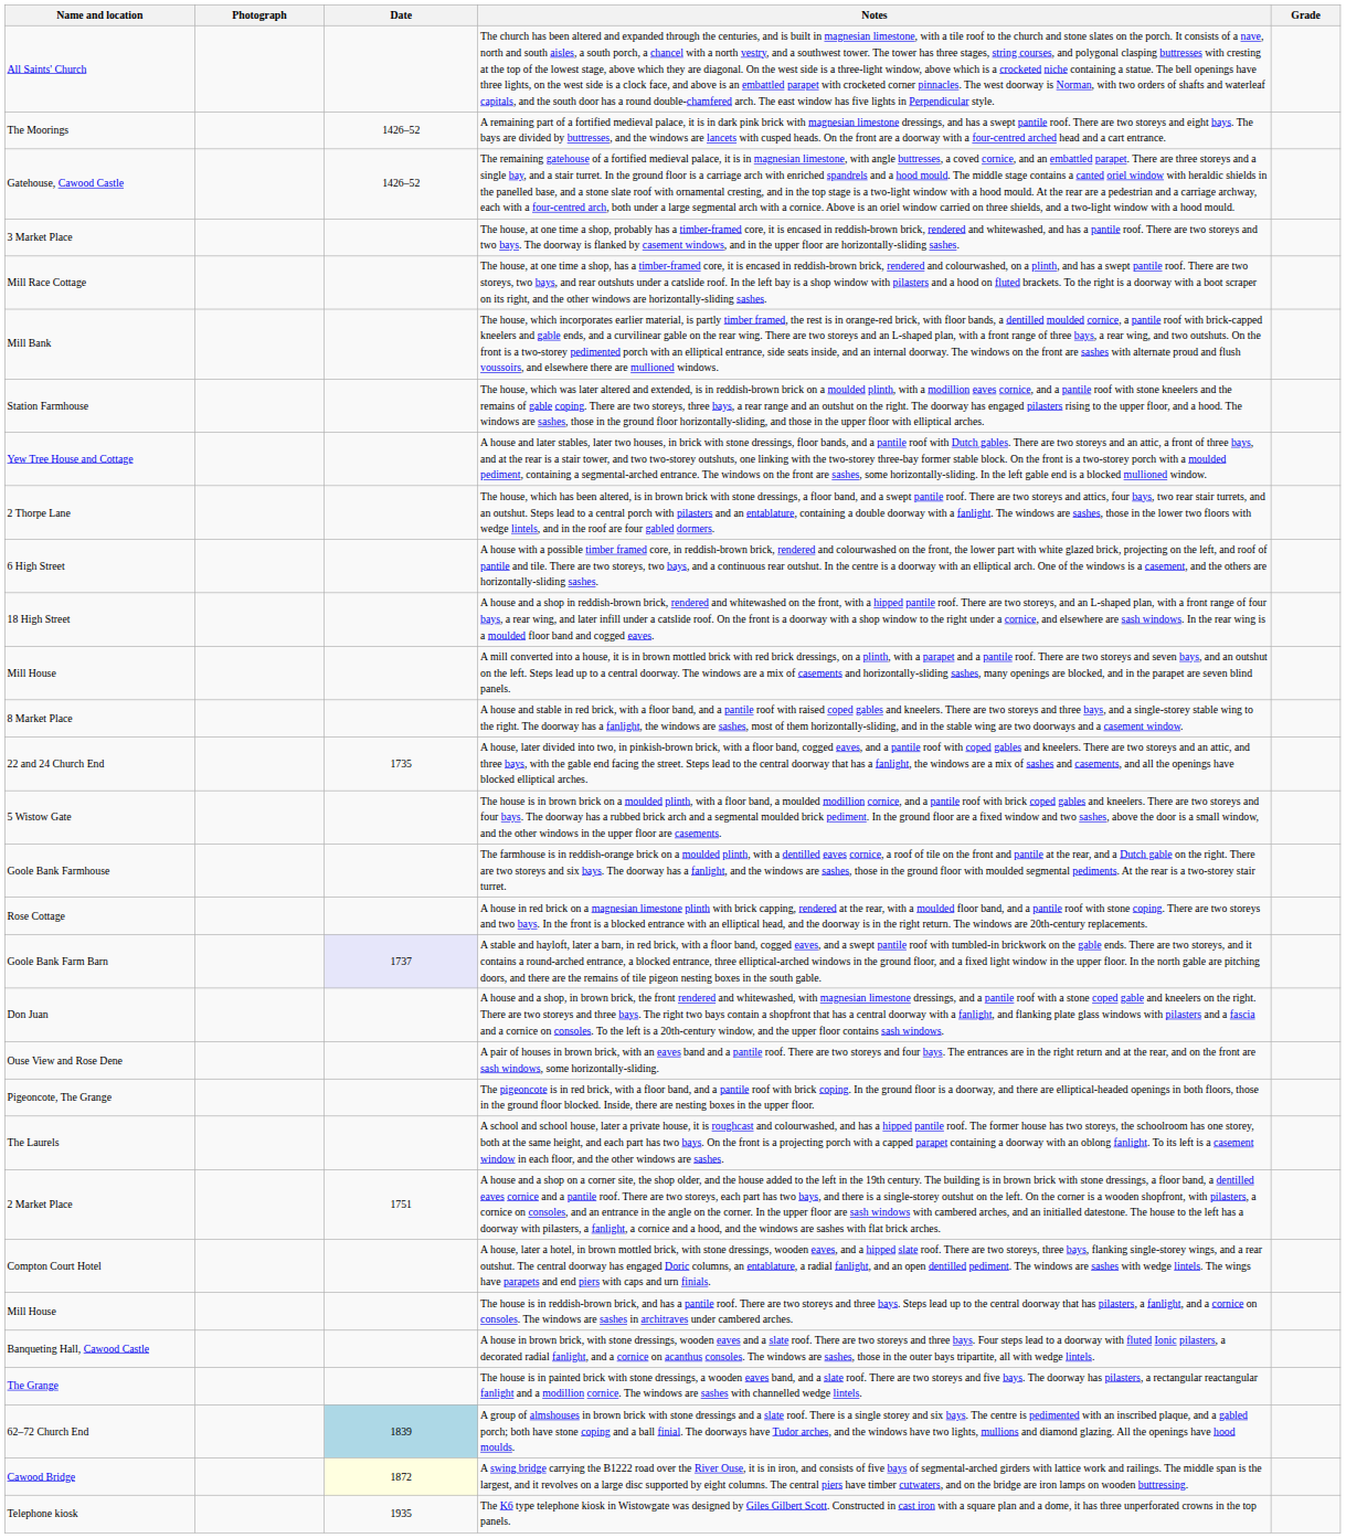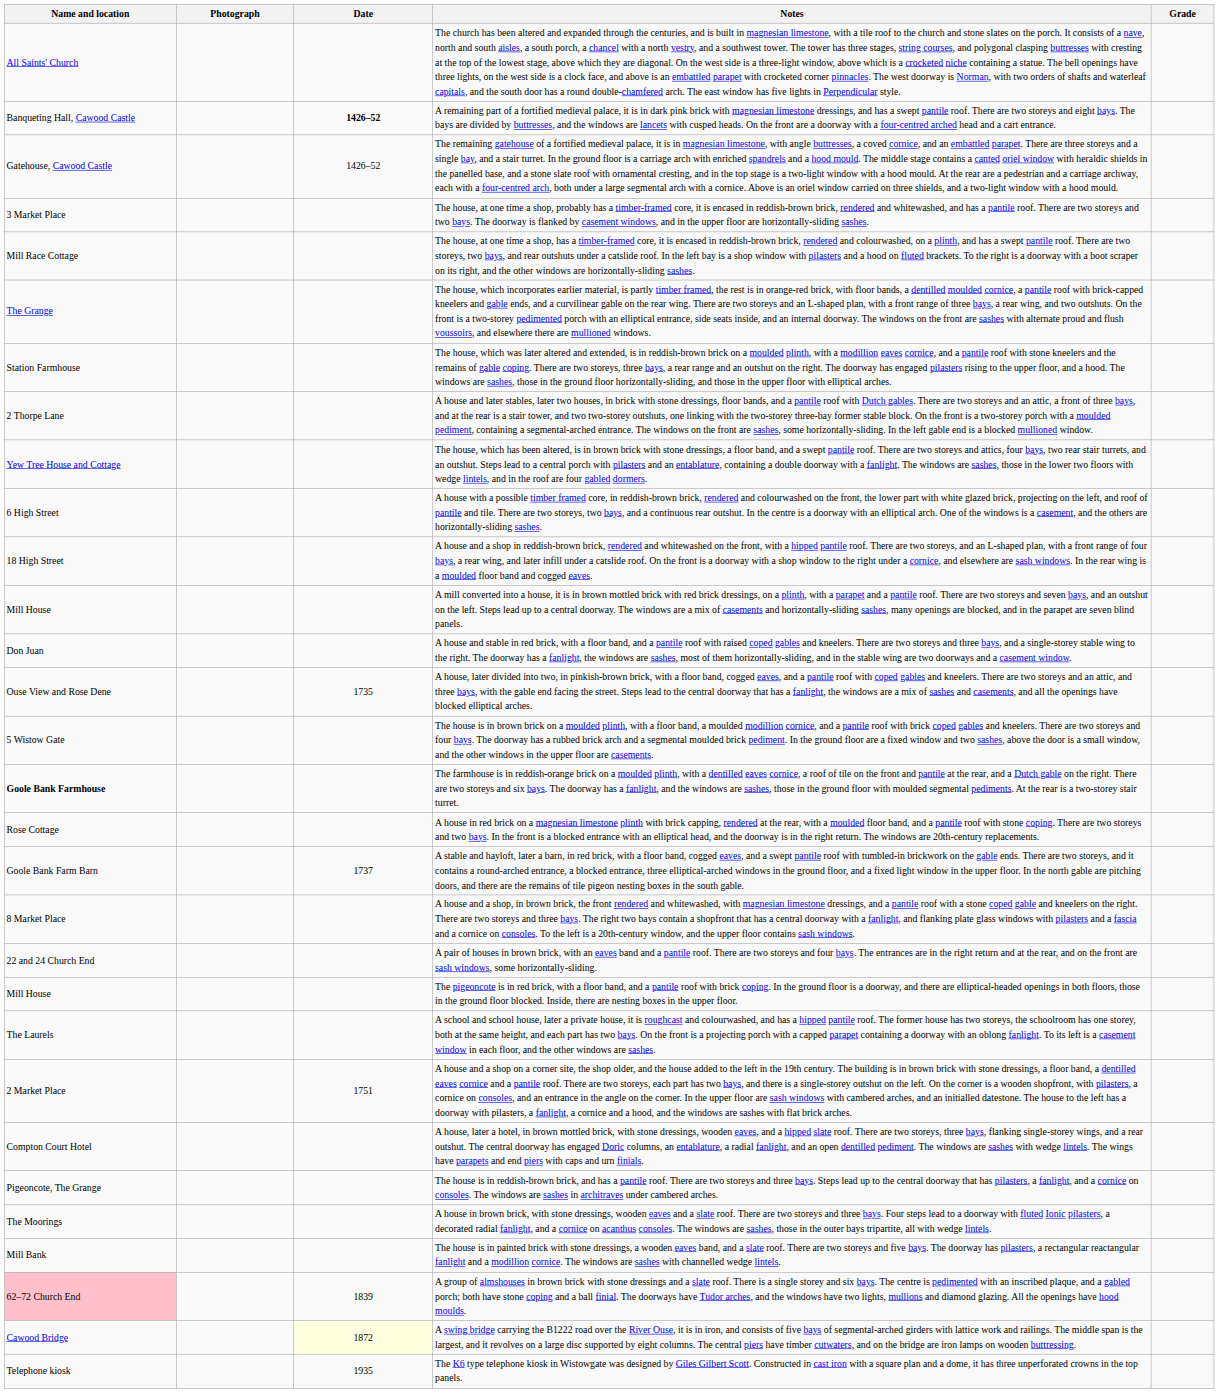 <table class="wikitable sortable plainrowheaders" style="width:100%; border:0px; text-align:left; line-height:150%">
 <tr>
 <th scope="col"  style="width:150px">Name and location</th>
 <th scope="col"  style="width:100px" class="unsortable">Photograph</th>
 <th scope="col"  style="width:120px">Date</th>
 <th scope="col"  style="width:650px" class="unsortable">Notes</th>
 <th scope="col"  style="width:50px">Grade</th>
 </tr>
 <tr>
 <td><a href='#'>All Saints' Church</a><br><small></small></td>
 <td></td>
 <td align="center"></td>
 <td>The church has been altered and expanded through the centuries, and is built in <a href='#'>magnesian limestone</a>, with a tile roof to the church and stone slates on the porch.  It consists of a <a href='#'>nave</a>, north and south <a href='#'>aisles</a>, a south porch, a <a href='#'>chancel</a> with a north <a href='#'>vestry</a>, and a southwest tower.  The tower has three stages, <a href='#'>string courses</a>, and polygonal clasping <a href='#'>buttresses</a> with cresting at the top of the lowest stage, above which they are diagonal.  On the west side is a three-light window, above which is a <a href='#'>crocketed</a> <a href='#'>niche</a> containing a statue.  The bell openings have three lights, on the west side is a clock face, and above is an <a href='#'>embattled</a> <a href='#'>parapet</a> with crocketed corner <a href='#'>pinnacles</a>.  The west doorway is <a href='#'>Norman</a>, with two orders of shafts and waterleaf <a href='#'>capitals</a>, and the south door has a round double-<a href='#'>chamfered</a> arch.  The east window has five lights in <a href='#'>Perpendicular</a> style.</td>
 <td align="center" ></td>
 </tr>
 <tr>
-<td>The Moorings<br><small></small></td>
+<td>Banqueting Hall, <a href='#'>Cawood Castle</a><br><small></small></td>
 <td></td>
-<td align="center">1426–52</td>
+<td align="center"><strong>1426–52</strong></td>
 <td>A remaining part of a fortified medieval palace, it is in dark pink brick with <a href='#'>magnesian limestone</a> dressings, and has a swept <a href='#'>pantile</a> roof.  There are two storeys and eight <a href='#'>bays</a>.  The bays are divided by <a href='#'>buttresses</a>, and the windows are <a href='#'>lancets</a> with cusped heads.  On the front are a doorway with a <a href='#'>four-centred arched</a> head and a cart entrance.</td>
 <td align="center" ></td>
 </tr>
 <tr>
 <td>Gatehouse, <a href='#'>Cawood Castle</a><br><small></small></td>
 <td></td>
 <td align="center">1426–52</td>
 <td>The remaining <a href='#'>gatehouse</a> of a fortified medieval palace, it is in <a href='#'>magnesian limestone</a>, with angle <a href='#'>buttresses</a>, a coved <a href='#'>cornice</a>, and an <a href='#'>embattled</a> <a href='#'>parapet</a>.  There are three storeys and a single <a href='#'>bay</a>, and a stair turret.  In the ground floor is a carriage arch with enriched <a href='#'>spandrels</a> and a <a href='#'>hood mould</a>.  The middle stage contains a <a href='#'>canted</a> <a href='#'>oriel window</a> with heraldic shields in the panelled base, and a stone slate roof with ornamental cresting, and in the top stage is a two-light window with a hood mould.  At the rear are a pedestrian and a carriage archway, each with a <a href='#'>four-centred arch</a>, both under a large segmental arch with a cornice.  Above is an oriel window carried on three shields, and a two-light window with a hood mould.</td>
 <td align="center" ></td>
 </tr>
 <tr>
 <td>3 Market Place<br><small></small></td>
 <td></td>
 <td align="center"></td>
 <td>The house, at one time a shop, probably has a <a href='#'>timber-framed</a> core, it is encased in reddish-brown brick, <a href='#'>rendered</a> and whitewashed, and has a <a href='#'>pantile</a> roof.  There are two storeys and two <a href='#'>bays</a>.  The doorway is flanked by <a href='#'>casement windows</a>, and in the upper floor are horizontally-sliding <a href='#'>sashes</a>.</td>
 <td align="center" ></td>
 </tr>
 <tr>
 <td>Mill Race Cottage<br><small></small></td>
 <td></td>
 <td align="center"></td>
 <td>The house, at one time a shop, has a <a href='#'>timber-framed</a> core, it is encased in reddish-brown brick, <a href='#'>rendered</a> and colourwashed, on a <a href='#'>plinth</a>, and has a swept <a href='#'>pantile</a> roof.  There are two storeys, two <a href='#'>bays</a>, and rear outshuts under a catslide roof.  In the left bay is a shop window with <a href='#'>pilasters</a> and a hood on <a href='#'>fluted</a> brackets.  To the right is a doorway with a boot scraper on its right, and the other windows are horizontally-sliding <a href='#'>sashes</a>.</td>
 <td align="center" ></td>
 </tr>
 <tr>
-<td>Mill Bank<br><small></small></td>
+<td><a href='#'>The Grange</a><br><small></small></td>
 <td></td>
 <td align="center"></td>
 <td>The house, which incorporates earlier material, is partly <a href='#'>timber framed</a>, the rest is in orange-red brick, with floor bands, a <a href='#'>dentilled</a> <a href='#'>moulded</a> <a href='#'>cornice</a>, a <a href='#'>pantile</a> roof with brick-capped kneelers and <a href='#'>gable</a> ends, and a curvilinear gable on the rear wing.  There are two storeys and an L-shaped plan, with a front range of three <a href='#'>bays</a>, a rear wing, and two outshuts.  On the front is a two-storey <a href='#'>pedimented</a> porch with an elliptical entrance, side seats inside, and an internal doorway.  The windows on the front are <a href='#'>sashes</a> with alternate proud and flush <a href='#'>voussoirs</a>, and elsewhere there are <a href='#'>mullioned</a> windows.</td>
 <td align="center" ></td>
 </tr>
 <tr>
 <td>Station Farmhouse<br><small></small></td>
 <td></td>
 <td align="center"></td>
 <td>The house, which was later altered and extended, is in reddish-brown brick on a <a href='#'>moulded</a> <a href='#'>plinth</a>, with a <a href='#'>modillion</a> <a href='#'>eaves</a> <a href='#'>cornice</a>, and a <a href='#'>pantile</a> roof with stone kneelers and the remains of <a href='#'>gable</a> <a href='#'>coping</a>.  There are two storeys, three <a href='#'>bays</a>, a rear range and an outshut on the right.  The doorway has engaged <a href='#'>pilasters</a> rising to the upper floor, and a hood.  The windows are <a href='#'>sashes</a>, those in the ground floor horizontally-sliding, and those in the upper floor with elliptical arches.</td>
 <td align="center" ></td>
 </tr>
 <tr>
-<td><a href='#'>Yew Tree House and Cottage</a><br><small></small></td>
+<td>2 Thorpe Lane<br><small></small></td>
 <td></td>
 <td align="center"></td>
 <td>A house and later stables, later two houses, in brick with stone dressings, floor bands, and a <a href='#'>pantile</a> roof with <a href='#'>Dutch gables</a>.  There are two storeys and an attic, a front of three <a href='#'>bays</a>, and at the rear is a stair tower, and two two-storey outshuts, one linking with the two-storey three-bay former stable block.  On the front is a two-storey porch with a <a href='#'>moulded</a> <a href='#'>pediment</a>, containing a segmental-arched entrance.  The windows on the front are <a href='#'>sashes</a>, some horizontally-sliding.  In the left gable end is a blocked <a href='#'>mullioned</a> window.</td>
 <td align="center" ></td>
 </tr>
 <tr>
-<td>2 Thorpe Lane<br><small></small></td>
+<td><a href='#'>Yew Tree House and Cottage</a><br><small></small></td>
 <td></td>
 <td align="center"></td>
 <td>The house, which has been altered, is in brown brick with stone dressings, a floor band, and a swept <a href='#'>pantile</a> roof.  There are two storeys and attics, four <a href='#'>bays</a>, two rear stair turrets, and an outshut.  Steps lead to a central porch with <a href='#'>pilasters</a> and an <a href='#'>entablature</a>, containing a double doorway with a <a href='#'>fanlight</a>.  The windows are <a href='#'>sashes</a>, those in the lower two floors with wedge <a href='#'>lintels</a>, and in the roof are four <a href='#'>gabled</a> <a href='#'>dormers</a>.</td>
 <td align="center" ></td>
 </tr>
 <tr>
 <td>6 High Street<br><small></small></td>
 <td></td>
 <td align="center"></td>
 <td>A house with a possible <a href='#'>timber framed</a> core, in reddish-brown brick, <a href='#'>rendered</a> and colourwashed on the front, the lower part with white glazed brick, projecting on the left, and roof of <a href='#'>pantile</a> and tile.  There are two storeys, two <a href='#'>bays</a>, and a continuous rear outshut.  In the centre is a doorway with an elliptical arch.  One of the windows is a <a href='#'>casement</a>, and the others are horizontally-sliding <a href='#'>sashes</a>.</td>
 <td align="center" ></td>
 </tr>
 <tr>
 <td>18 High Street<br><small></small></td>
 <td></td>
 <td align="center"></td>
 <td>A house and a shop in reddish-brown brick, <a href='#'>rendered</a> and whitewashed on the front, with a <a href='#'>hipped</a> <a href='#'>pantile</a> roof.  There are two storeys, and an L-shaped plan, with a front range of four <a href='#'>bays</a>, a rear wing, and later infill under a catslide roof.  On the front is a doorway with a shop window to the right under a <a href='#'>cornice</a>, and elsewhere are <a href='#'>sash windows</a>.  In the rear wing is a <a href='#'>moulded</a> floor band and cogged <a href='#'>eaves</a>.</td>
 <td align="center" ></td>
 </tr>
 <tr>
 <td>Mill House<br><small></small></td>
 <td></td>
 <td align="center"></td>
 <td>A mill converted into a house, it is in brown mottled brick with red brick dressings, on a <a href='#'>plinth</a>, with a <a href='#'>parapet</a> and a <a href='#'>pantile</a> roof.  There are two storeys and seven <a href='#'>bays</a>, and an outshut on the left.  Steps lead up to a central doorway. The windows are a mix of <a href='#'>casements</a> and horizontally-sliding <a href='#'>sashes</a>, many openings are blocked, and in the parapet are seven blind panels.</td>
 <td align="center" ></td>
 </tr>
 <tr>
-<td>8 Market Place<br><small></small></td>
+<td>Don Juan<br><small></small></td>
 <td></td>
 <td align="center"></td>
 <td>A house and stable in red brick, with a floor band, and a <a href='#'>pantile</a> roof with raised <a href='#'>coped</a> <a href='#'>gables</a> and kneelers.  There are two storeys and three <a href='#'>bays</a>, and a single-storey stable wing to the right. The doorway has a <a href='#'>fanlight</a>, the windows are <a href='#'>sashes</a>, most of them horizontally-sliding, and in the stable wing are two doorways and a <a href='#'>casement window</a>.</td>
 <td align="center" ></td>
 </tr>
 <tr>
-<td>22 and 24 Church End<br><small></small></td>
+<td>Ouse View and Rose Dene<br><small></small></td>
 <td></td>
 <td align="center">1735</td>
 <td>A house, later divided into two, in pinkish-brown brick, with a floor band, cogged <a href='#'>eaves</a>, and a <a href='#'>pantile</a> roof with <a href='#'>coped</a> <a href='#'>gables</a> and kneelers.  There are two storeys and an attic, and three <a href='#'>bays</a>, with the gable end facing the street.  Steps lead to the central doorway that has a <a href='#'>fanlight</a>, the windows are a mix of <a href='#'>sashes</a> and <a href='#'>casements</a>, and all the openings have blocked elliptical arches.</td>
 <td align="center" ></td>
 </tr>
 <tr>
 <td>5 Wistow Gate<br><small></small></td>
 <td></td>
 <td align="center"></td>
 <td>The house is in brown brick on a <a href='#'>moulded</a> <a href='#'>plinth</a>, with a floor band, a moulded <a href='#'>modillion</a> <a href='#'>cornice</a>, and a <a href='#'>pantile</a> roof with brick <a href='#'>coped</a> <a href='#'>gables</a> and kneelers.  There are two storeys and four <a href='#'>bays</a>.  The doorway has a rubbed brick arch and a segmental moulded brick <a href='#'>pediment</a>.  In the ground floor are a fixed window and two <a href='#'>sashes</a>, above the door is a small window, and the other windows in the upper floor are <a href='#'>casements</a>.</td>
 <td align="center" ></td>
 </tr>
 <tr>
-<td>Goole Bank Farmhouse<br><small></small></td>
+<td><strong>Goole Bank Farmhouse<br><small></small></strong></td>
 <td></td>
 <td align="center"></td>
 <td>The farmhouse is in reddish-orange brick on a <a href='#'>moulded</a> <a href='#'>plinth</a>, with a <a href='#'>dentilled</a> <a href='#'>eaves</a> <a href='#'>cornice</a>, a roof of tile on the front and <a href='#'>pantile</a> at the rear, and a <a href='#'>Dutch gable</a> on the right.  There are two storeys and six <a href='#'>bays</a>.  The doorway has a <a href='#'>fanlight</a>, and the windows are <a href='#'>sashes</a>, those in the ground floor with moulded segmental <a href='#'>pediments</a>.  At the rear is a two-storey stair turret.</td>
 <td align="center" ></td>
 </tr>
 <tr>
 <td>Rose Cottage<br><small></small></td>
 <td></td>
 <td align="center"></td>
 <td>A house in red brick on a <a href='#'>magnesian limestone</a> <a href='#'>plinth</a> with brick capping, <a href='#'>rendered</a> at the rear, with a <a href='#'>moulded</a> floor band, and a <a href='#'>pantile</a> roof with stone <a href='#'>coping</a>.  There are two storeys and two <a href='#'>bays</a>.  In the front is a blocked entrance with an elliptical head, and the doorway is in the right return.  The windows are 20th-century replacements.</td>
 <td align="center" ></td>
 </tr>
 <tr>
 <td>Goole Bank Farm Barn<br><small></small></td>
 <td></td>
-<td align="center" style="background: lavender;">1737</td>
+<td align="center">1737</td>
 <td>A stable and hayloft, later a barn, in red brick, with a floor band, cogged <a href='#'>eaves</a>, and a swept <a href='#'>pantile</a> roof with tumbled-in brickwork on the <a href='#'>gable</a> ends.  There are two storeys, and it contains a round-arched entrance, a blocked entrance, three elliptical-arched windows in the ground floor, and a fixed light window in the upper floor.  In the north gable are pitching doors, and there are the remains of tile pigeon nesting boxes in the south gable.</td>
 <td align="center" ></td>
 </tr>
 <tr>
-<td>Don Juan<br><small></small></td>
+<td>8 Market Place<br><small></small></td>
 <td></td>
 <td align="center"></td>
 <td>A house and a shop, in brown brick, the front <a href='#'>rendered</a> and whitewashed, with <a href='#'>magnesian limestone</a> dressings, and a <a href='#'>pantile</a> roof with a stone <a href='#'>coped</a> <a href='#'>gable</a> and kneelers on the right.  There are two storeys and three <a href='#'>bays</a>.  The right two bays contain a shopfront that has a central doorway with a <a href='#'>fanlight</a>, and flanking plate glass windows with <a href='#'>pilasters</a> and a <a href='#'>fascia</a> and a cornice on <a href='#'>consoles</a>.  To the left is a 20th-century window, and the upper floor contains <a href='#'>sash windows</a>.</td>
 <td align="center" ></td>
 </tr>
 <tr>
-<td>Ouse View and Rose Dene<br><small></small></td>
+<td>22 and 24 Church End<br><small></small></td>
 <td></td>
 <td align="center"></td>
 <td>A pair of houses in brown brick, with an <a href='#'>eaves</a> band and a <a href='#'>pantile</a> roof.  There are two storeys and four <a href='#'>bays</a>.  The entrances are in the right return and at the rear, and on the front are <a href='#'>sash windows</a>, some horizontally-sliding.</td>
 <td align="center" ></td>
 </tr>
 <tr>
-<td>Pigeoncote, The Grange<br><small></small></td>
+<td>Mill House<br><small></small></td>
 <td></td>
 <td align="center"></td>
 <td>The <a href='#'>pigeoncote</a> is in red brick, with a floor band, and a <a href='#'>pantile</a> roof with brick <a href='#'>coping</a>.  In the ground floor is a doorway, and there are elliptical-headed openings in both floors, those in the ground floor blocked.  Inside, there are nesting boxes in the upper floor.</td>
 <td align="center" ></td>
 </tr>
 <tr>
 <td>The Laurels<br><small></small></td>
 <td></td>
 <td align="center"></td>
 <td>A school and school house, later a private house, it is <a href='#'>roughcast</a> and colourwashed, and has a <a href='#'>hipped</a> <a href='#'>pantile</a> roof.  The former house has two storeys, the schoolroom has one storey, both at the same height, and each part has two <a href='#'>bays</a>.  On the front is a projecting porch with a capped <a href='#'>parapet</a> containing a doorway with an oblong <a href='#'>fanlight</a>.  To its left is a <a href='#'>casement window</a> in each floor, and the other windows are <a href='#'>sashes</a>.</td>
 <td align="center" ></td>
 </tr>
 <tr>
 <td>2 Market Place<br><small></small></td>
 <td></td>
 <td align="center">1751</td>
 <td>A house and a shop on a corner site, the shop older, and the house added to the left in the 19th century.  The building is in brown brick with stone dressings, a floor band, a <a href='#'>dentilled</a> <a href='#'>eaves</a> <a href='#'>cornice</a> and a <a href='#'>pantile</a> roof.  There are two storeys, each part has two <a href='#'>bays</a>, and there is a single-storey outshut on the left.  On the corner is a wooden shopfront, with <a href='#'>pilasters</a>, a cornice on <a href='#'>consoles</a>, and an entrance in the angle on the corner.  In the upper floor are <a href='#'>sash windows</a> with cambered arches, and an initialled datestone.  The house to the left has a doorway with pilasters, a <a href='#'>fanlight</a>, a cornice and a hood, and the windows are sashes with flat brick arches.</td>
 <td align="center" ></td>
 </tr>
 <tr>
 <td>Compton Court Hotel<br><small></small></td>
 <td></td>
 <td align="center"></td>
 <td>A house, later a hotel, in brown mottled brick, with stone dressings, wooden <a href='#'>eaves</a>, and a <a href='#'>hipped</a> <a href='#'>slate</a> roof.  There are two storeys, three <a href='#'>bays</a>, flanking single-storey wings, and a rear outshut.  The central doorway has engaged <a href='#'>Doric</a> columns,  an <a href='#'>entablature</a>, a radial <a href='#'>fanlight</a>, and an open <a href='#'>dentilled</a> <a href='#'>pediment</a>.  The windows are <a href='#'>sashes</a> with wedge <a href='#'>lintels</a>.  The wings have <a href='#'>parapets</a> and end <a href='#'>piers</a> with caps and urn <a href='#'>finials</a>.</td>
 <td align="center" ></td>
 </tr>
 <tr>
-<td>Mill House<br><small></small></td>
+<td>Pigeoncote, The Grange<br><small></small></td>
 <td></td>
 <td align="center"></td>
 <td>The house is in reddish-brown brick, and has a <a href='#'>pantile</a> roof.  There are two storeys and three <a href='#'>bays</a>.  Steps lead up to the central doorway that has <a href='#'>pilasters</a>, a <a href='#'>fanlight</a>, and a <a href='#'>cornice</a> on <a href='#'>consoles</a>. The windows are <a href='#'>sashes</a> in <a href='#'>architraves</a> under cambered arches.</td>
 <td align="center" ></td>
 </tr>
 <tr>
-<td>Banqueting Hall, <a href='#'>Cawood Castle</a><br><small></small></td>
+<td>The Moorings<br><small></small></td>
 <td></td>
 <td align="center"></td>
 <td>A house in brown brick, with stone dressings, wooden <a href='#'>eaves</a> and a <a href='#'>slate</a> roof.  There are two storeys and three <a href='#'>bays</a>.  Four steps lead to a doorway with <a href='#'>fluted</a> <a href='#'>Ionic</a> <a href='#'>pilasters</a>, a decorated radial <a href='#'>fanlight</a>, and a <a href='#'>cornice</a> on <a href='#'>acanthus</a> <a href='#'>consoles</a>.  The windows are <a href='#'>sashes</a>, those in the outer bays tripartite, all with wedge <a href='#'>lintels</a>.</td>
 <td align="center" ></td>
 </tr>
 <tr>
-<td><a href='#'>The Grange</a><br><small></small></td>
+<td>Mill Bank<br><small></small></td>
 <td></td>
 <td align="center"></td>
 <td>The house is in painted brick with stone dressings, a wooden <a href='#'>eaves</a> band, and a <a href='#'>slate</a> roof.  There are two storeys and five <a href='#'>bays</a>.  The doorway has <a href='#'>pilasters</a>, a rectangular reactangular <a href='#'>fanlight</a> and a <a href='#'>modillion</a> <a href='#'>cornice</a>.  The windows are <a href='#'>sashes</a> with channelled wedge <a href='#'>lintels</a>.</td>
 <td align="center" ></td>
 </tr>
 <tr>
-<td>62–72 Church End<br><small></small></td>
+<td style="background: pink;">62–72 Church End<br><small></small></td>
 <td></td>
-<td align="center" style="background: lightblue;">1839</td>
+<td align="center">1839</td>
 <td>A group of <a href='#'>almshouses</a> in brown brick with stone dressings and a <a href='#'>slate</a> roof.  There is a single storey and six <a href='#'>bays</a>.  The centre is <a href='#'>pedimented</a> with an inscribed plaque, and a <a href='#'>gabled</a> porch; both have stone <a href='#'>coping</a> and a ball <a href='#'>finial</a>.  The doorways have <a href='#'>Tudor arches</a>, and the windows have two lights, <a href='#'>mullions</a> and diamond glazing.  All the openings have <a href='#'>hood moulds</a>.</td>
 <td align="center" ></td>
 </tr>
 <tr>
 <td><a href='#'>Cawood Bridge</a><br><small></small></td>
 <td></td>
 <td align="center" style="background: lightyellow;">1872</td>
 <td>A <a href='#'>swing bridge</a> carrying the B1222 road over the <a href='#'>River Ouse</a>, it is in iron, and consists of five <a href='#'>bays</a> of segmental-arched girders with lattice work and railings.  The middle span is the largest, and it revolves on a large disc supported by eight columns.  The central <a href='#'>piers</a> have timber <a href='#'>cutwaters</a>, and on the bridge are iron lamps on wooden <a href='#'>buttressing</a>.</td>
 <td align="center" ></td>
 </tr>
 <tr>
 <td>Telephone kiosk<br><small></small></td>
 <td></td>
 <td align="center">1935</td>
 <td>The <a href='#'>K6</a> type telephone kiosk in Wistowgate was designed by <a href='#'>Giles Gilbert Scott</a>.  Constructed in <a href='#'>cast iron</a> with a square plan and a dome, it has three unperforated crowns in the top panels.</td>
 <td align="center" ></td>
 </tr>
 <tr>
 </tr>
 </table>
